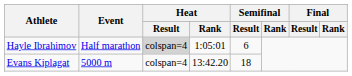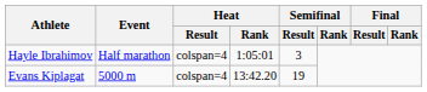 <table class="wikitable" style="font-size:90%">
 <tr>
 <th rowspan=2>Athlete</th>
 <th rowspan=2>Event</th>
 <th colspan=2>Heat</th>
 <th colspan=2>Semifinal</th>
 <th colspan=2>Final</th>
 </tr>
 <tr style="font-size:95%">
 <th>Result</th>
 <th>Rank</th>
 <th>Result</th>
 <th>Rank</th>
 <th>Result</th>
 <th>Rank</th>
 </tr>
 <tr align=center>
 <td align=left><a href='#'>Hayle Ibrahimov</a></td>
 <td style="text-align:left;"><a href='#'>Half marathon</a></td>
-<td style="background: lightgrey;">colspan=4 </td>
+<td>colspan=4 </td>
 <td>1:05:01</td>
-<td>6</td>
+<td>3</td>
 </tr>
 <tr align=center>
 <td align=left><a href='#'>Evans Kiplagat</a></td>
 <td style="text-align:left;"><a href='#'>5000 m</a></td>
 <td>colspan=4 </td>
 <td>13:42.20</td>
-<td>18</td>
+<td>19</td>
 </tr>
 </table>
